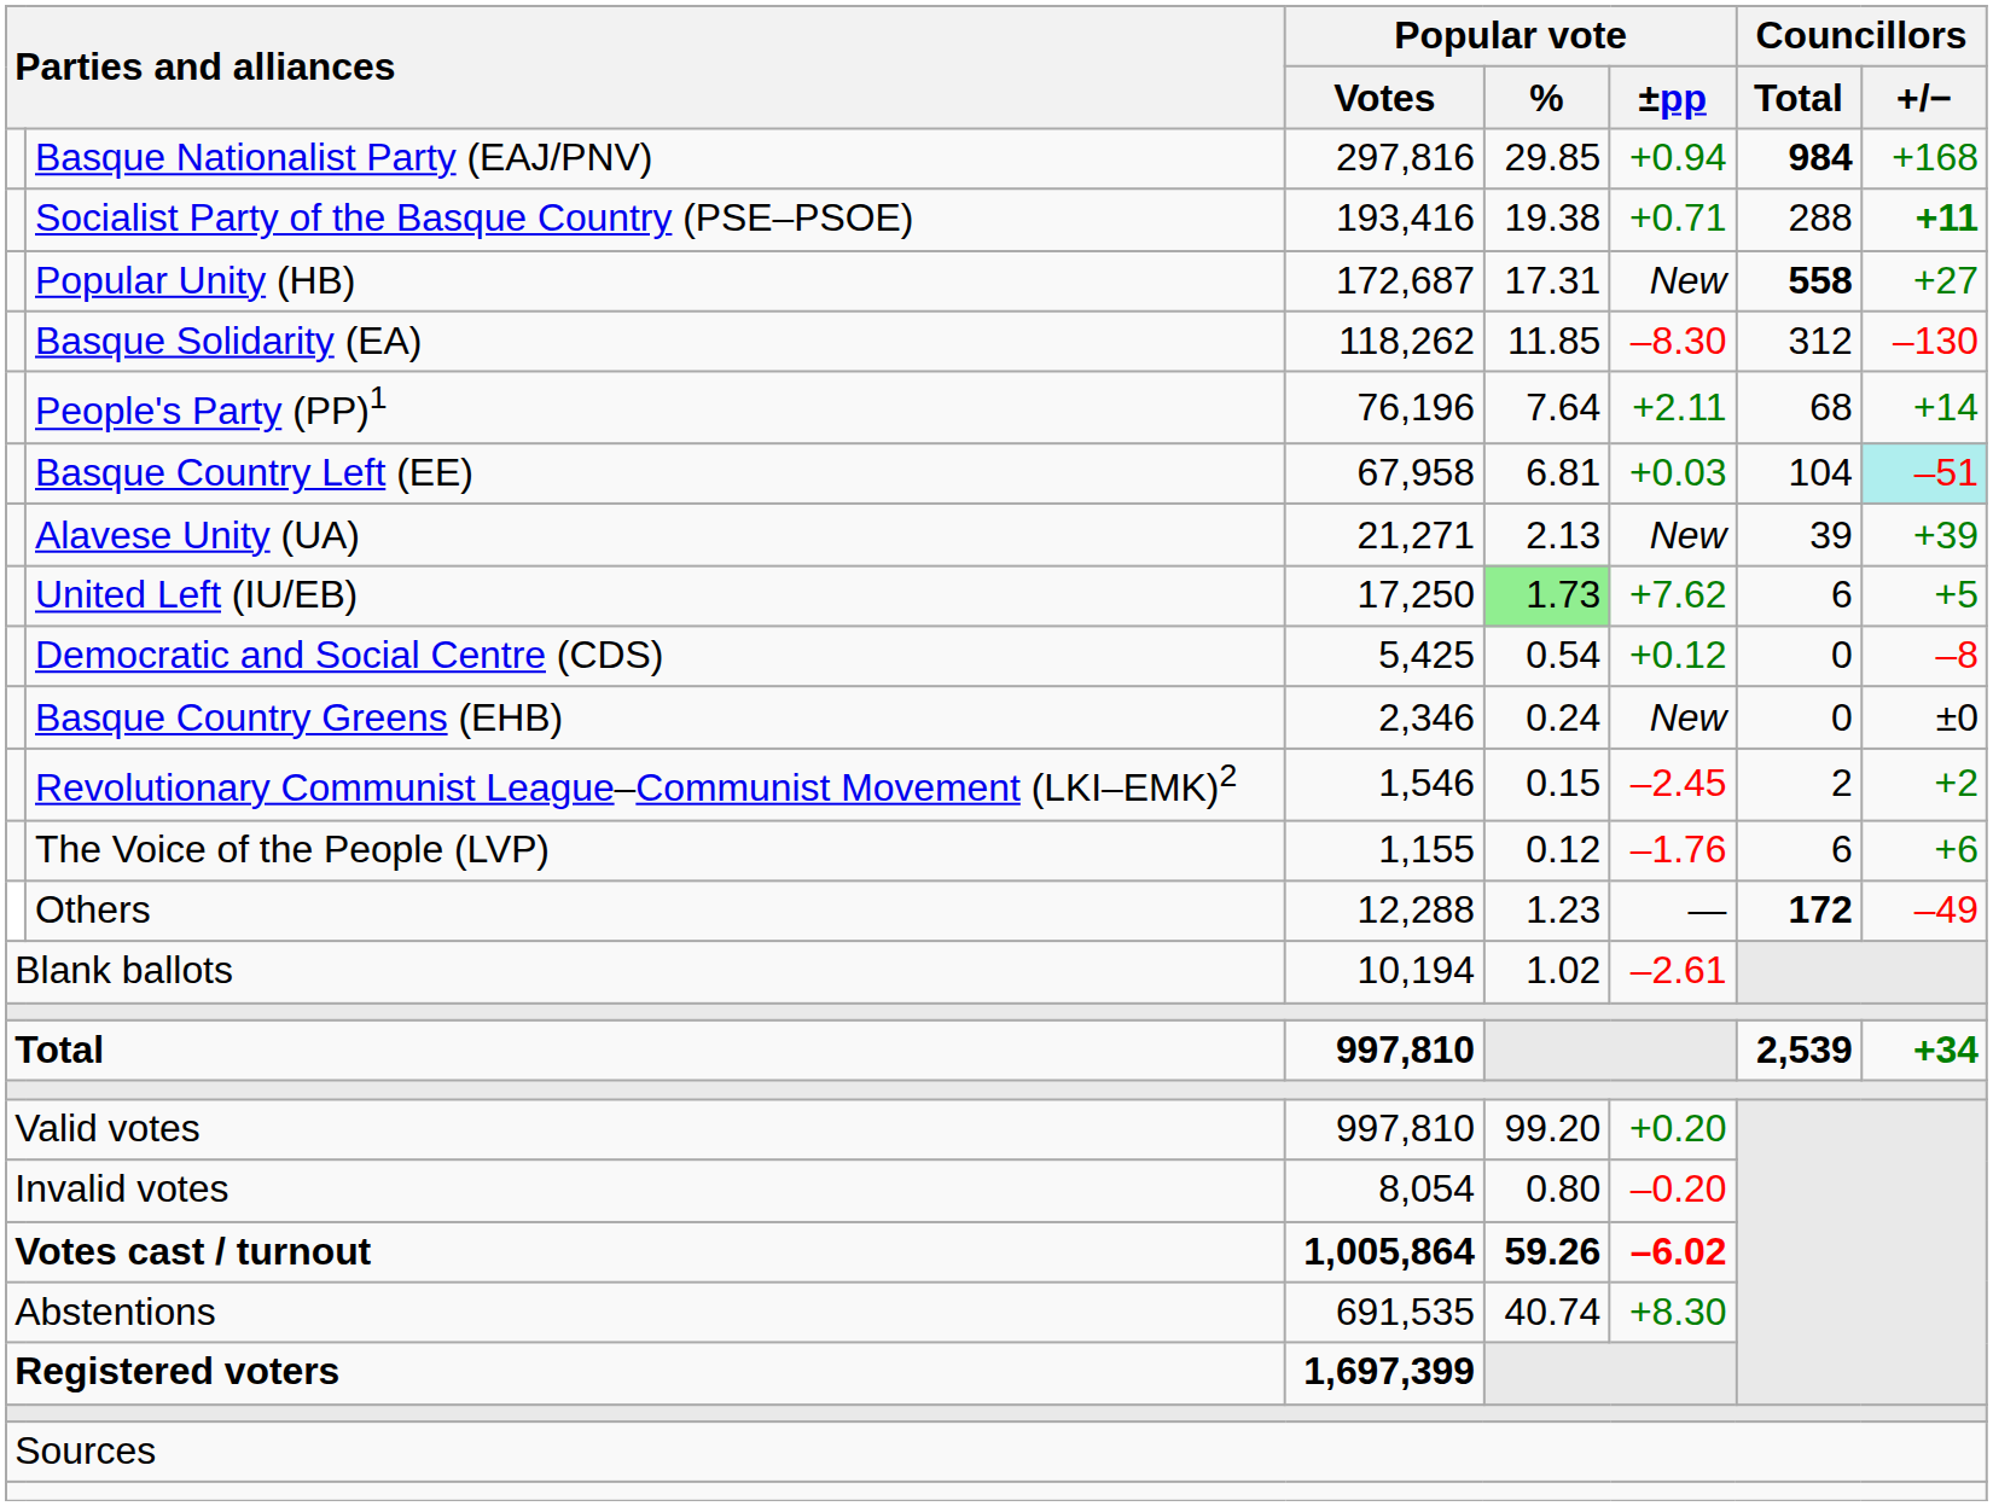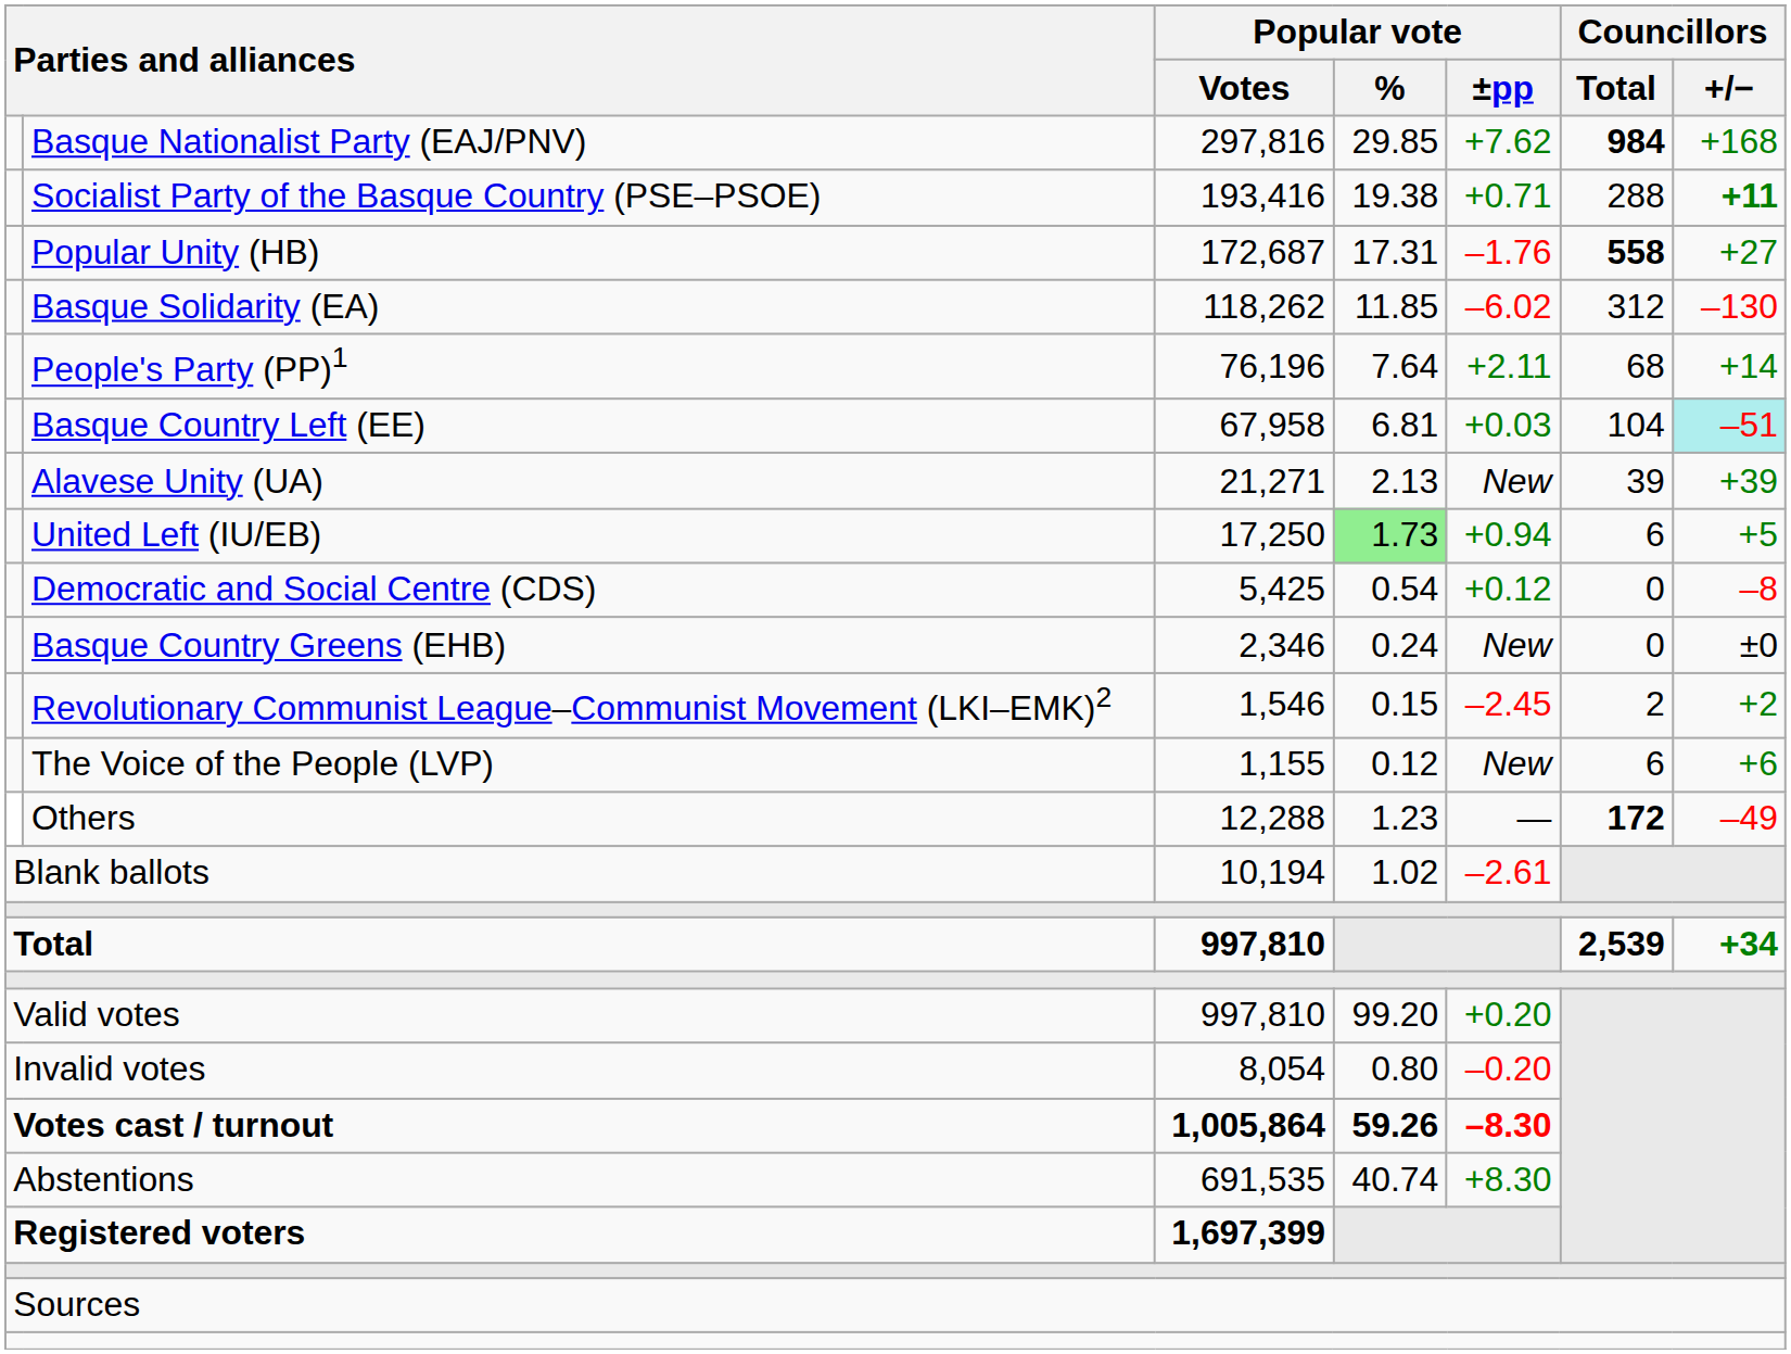 <table class="wikitable" style="text-align:right;">
 <tr>
 <th style="text-align:left;" rowspan="2" colspan="2" width="525">Parties and alliances</th>
 <th colspan="3">Popular vote</th>
 <th colspan="2">Councillors</th>
 </tr>
 <tr>
 <th width="75">Votes</th>
 <th width="45">%</th>
 <th width="45">±<a href='#'>pp</a></th>
 <th width="45">Total</th>
 <th width="45">+/−</th>
 </tr>
 <tr>
 <td width="1" style="color:inherit;background:"></td>
 <td align="left"><a href='#'>Basque Nationalist Party</a> (EAJ/PNV)</td>
 <td>297,816</td>
 <td>29.85</td>
-<td style="color:green;">+0.94</td>
+<td style="color:green;">+7.62</td>
 <td><strong>984</strong></td>
 <td style="color:green;">+168</td>
 </tr>
 <tr>
 <td style="color:inherit;background:"></td>
 <td align="left"><a href='#'>Socialist Party of the Basque Country</a> (PSE–PSOE)</td>
 <td>193,416</td>
 <td>19.38</td>
 <td style="color:green;">+0.71</td>
 <td>288</td>
 <td style="color:green;"><strong>+11</strong></td>
 </tr>
 <tr>
 <td style="color:inherit;background:"></td>
 <td align="left"><a href='#'>Popular Unity</a> (HB)</td>
 <td>172,687</td>
 <td>17.31</td>
-<td><em>New</em></td>
+<td style="color:red;">–1.76</td>
 <td><strong>558</strong></td>
 <td style="color:green;">+27</td>
 </tr>
 <tr>
 <td style="color:inherit;background:"></td>
 <td align="left"><a href='#'>Basque Solidarity</a> (EA)</td>
 <td>118,262</td>
 <td>11.85</td>
-<td style="color:red;">–8.30</td>
+<td style="color:red;">–6.02</td>
 <td>312</td>
 <td style="color:red;">–130</td>
 </tr>
 <tr>
 <td style="color:inherit;background:"></td>
 <td align="left"><a href='#'>People's Party</a> (PP)<sup>1</sup></td>
 <td>76,196</td>
 <td>7.64</td>
 <td style="color:green;">+2.11</td>
 <td>68</td>
 <td style="color:green;">+14</td>
 </tr>
 <tr>
 <td style="color:inherit;background:"></td>
 <td align="left"><a href='#'>Basque Country Left</a> (EE)</td>
 <td>67,958</td>
 <td>6.81</td>
 <td style="color:green;">+0.03</td>
 <td>104</td>
 <td style="background: paleturquoise; color:red;">–51</td>
 </tr>
 <tr>
 <td style="color:inherit;background:"></td>
 <td align="left"><a href='#'>Alavese Unity</a> (UA)</td>
 <td>21,271</td>
 <td>2.13</td>
 <td><em>New</em></td>
 <td>39</td>
 <td style="color:green;">+39</td>
 </tr>
 <tr>
 <td style="color:inherit;background:"></td>
 <td align="left"><a href='#'>United Left</a> (IU/EB)</td>
 <td>17,250</td>
 <td style="background: lightgreen;">1.73</td>
-<td style="color:green;">+7.62</td>
+<td style="color:green;">+0.94</td>
 <td>6</td>
 <td style="color:green;">+5</td>
 </tr>
 <tr>
 <td style="color:inherit;background:"></td>
 <td align="left"><a href='#'>Democratic and Social Centre</a> (CDS)</td>
 <td>5,425</td>
 <td>0.54</td>
 <td style="color:green;">+0.12</td>
 <td>0</td>
 <td style="color:red;">–8</td>
 </tr>
 <tr>
 <td style="color:inherit;background:"></td>
 <td align="left"><a href='#'>Basque Country Greens</a> (EHB)</td>
 <td>2,346</td>
 <td>0.24</td>
 <td><em>New</em></td>
 <td>0</td>
 <td>±0</td>
 </tr>
 <tr>
 <td style="color:inherit;background:"></td>
 <td align="left"><a href='#'>Revolutionary Communist League</a>–<a href='#'>Communist Movement</a> (LKI–EMK)<sup>2</sup></td>
 <td>1,546</td>
 <td>0.15</td>
 <td style="color:red;">–2.45</td>
 <td>2</td>
 <td style="color:green;">+2</td>
 </tr>
 <tr>
 <td style="color:inherit;background:"></td>
 <td align="left">The Voice of the People (LVP)</td>
 <td>1,155</td>
 <td>0.12</td>
-<td style="color:red;">–1.76</td>
+<td><em>New</em></td>
 <td>6</td>
 <td style="color:green;">+6</td>
 </tr>
 <tr>
 <td bgcolor="white"></td>
 <td align="left">Others</td>
 <td>12,288</td>
 <td>1.23</td>
 <td>—</td>
 <td><strong>172</strong></td>
 <td style="color:red;">–49</td>
 </tr>
 <tr>
 <td align="left" colspan="2">Blank ballots</td>
 <td>10,194</td>
 <td>1.02</td>
 <td style="color:red;">–2.61</td>
 <td bgcolor="#E9E9E9" colspan="2"></td>
 </tr>
 <tr>
 <td colspan="7" bgcolor="#E9E9E9"></td>
 </tr>
 <tr style="font-weight:bold;">
 <td align="left" colspan="2">Total</td>
 <td>997,810</td>
 <td bgcolor="#E9E9E9" colspan="2"></td>
 <td>2,539</td>
 <td style="color:green;">+34</td>
 </tr>
 <tr>
 <td colspan="7" bgcolor="#E9E9E9"></td>
 </tr>
 <tr>
 <td align="left" colspan="2">Valid votes</td>
 <td>997,810</td>
 <td>99.20</td>
 <td style="color:green;">+0.20</td>
 <td bgcolor="#E9E9E9" colspan="2" rowspan="5"></td>
 </tr>
 <tr>
 <td align="left" colspan="2">Invalid votes</td>
 <td>8,054</td>
 <td>0.80</td>
 <td style="color:red;">–0.20</td>
 </tr>
 <tr style="font-weight:bold;">
 <td align="left" colspan="2">Votes cast / turnout</td>
 <td>1,005,864</td>
 <td>59.26</td>
-<td style="color:red;">–6.02</td>
+<td style="color:red;">–8.30</td>
 </tr>
 <tr>
 <td align="left" colspan="2">Abstentions</td>
 <td>691,535</td>
 <td>40.74</td>
 <td style="color:green;">+8.30</td>
 </tr>
 <tr style="font-weight:bold;">
 <td align="left" colspan="2">Registered voters</td>
 <td>1,697,399</td>
 <td bgcolor="#E9E9E9" colspan="2"></td>
 </tr>
 <tr>
 <td colspan="7" bgcolor="#E9E9E9"></td>
 </tr>
 <tr>
 <td align="left" colspan="7">Sources</td>
 </tr>
 <tr>
 <td colspan="7" style="text-align:left; max-width:790px;"></td>
 </tr>
 </table>
